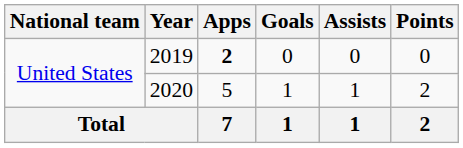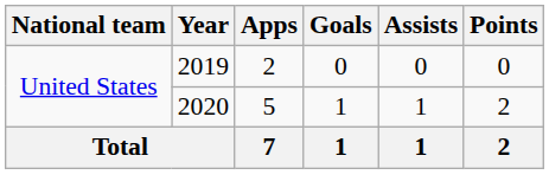 <table class="wikitable" style="text-align:center">
 <tr>
 <th>National team</th>
 <th>Year</th>
 <th>Apps</th>
 <th>Goals</th>
 <th>Assists</th>
 <th>Points</th>
 </tr>
 <tr>
 <td rowspan="2"><a href='#'>United States</a></td>
 <td>2019</td>
-<td><strong>2</strong></td>
+<td>2</td>
 <td>0</td>
 <td>0</td>
 <td>0</td>
 </tr>
 <tr>
 <td>2020</td>
 <td>5</td>
 <td>1</td>
 <td>1</td>
 <td>2</td>
 </tr>
 <tr>
 <th colspan="2">Total</th>
 <th>7</th>
 <th>1</th>
 <th>1</th>
 <th>2</th>
 </tr>
 </table>
